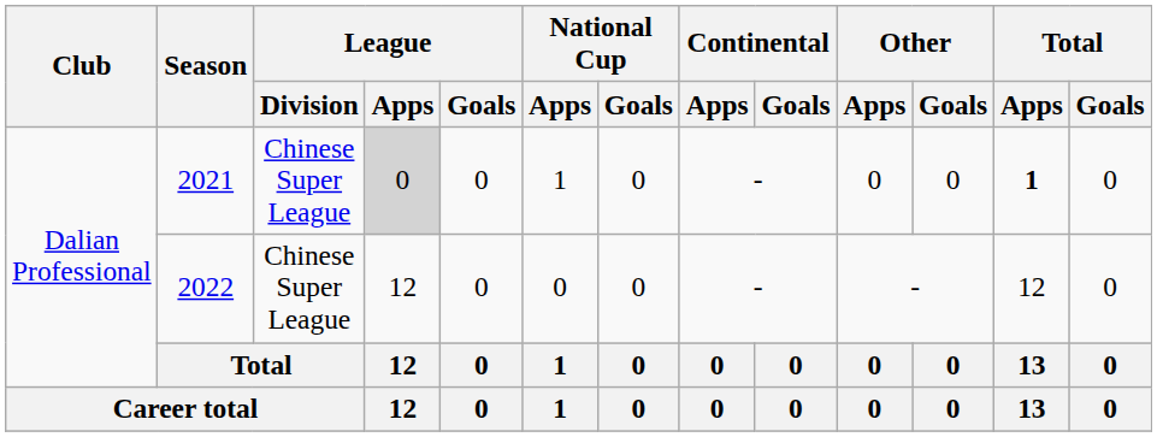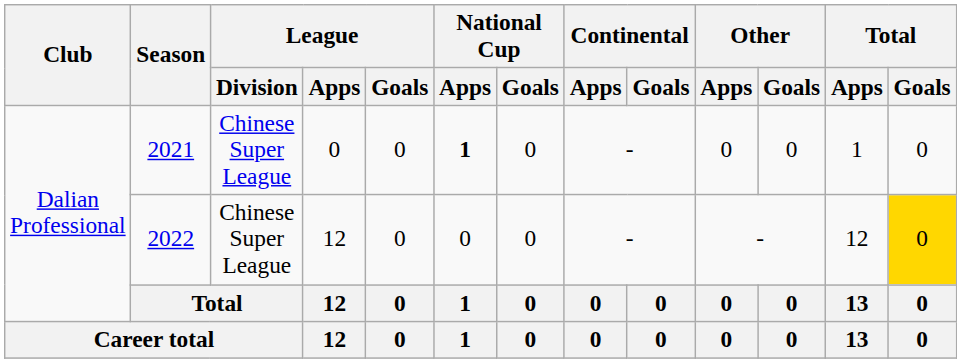 <table class="wikitable" style="text-align: center">
 <tr>
 <th rowspan="2">Club</th>
 <th rowspan="2">Season</th>
 <th colspan="3">League</th>
 <th colspan="2">National Cup</th>
 <th colspan="2">Continental</th>
 <th colspan="2">Other</th>
 <th colspan="2">Total</th>
 </tr>
 <tr>
 <th>Division</th>
 <th>Apps</th>
 <th>Goals</th>
 <th>Apps</th>
 <th>Goals</th>
 <th>Apps</th>
 <th>Goals</th>
 <th>Apps</th>
 <th>Goals</th>
 <th>Apps</th>
 <th>Goals</th>
 </tr>
 <tr>
 <td rowspan=3><a href='#'>Dalian Professional</a></td>
 <td><a href='#'>2021</a></td>
 <td><a href='#'>Chinese Super League</a></td>
-<td style="background: lightgrey;">0</td>
 <td>0</td>
-<td>1</td>
+<td>0</td>
+<td><strong>1</strong></td>
 <td>0</td>
 <td colspan="2">-</td>
 <td>0</td>
 <td>0</td>
-<td><strong>1</strong></td>
+<td>1</td>
 <td>0</td>
 </tr>
 <tr>
 <td><a href='#'>2022</a></td>
 <td>Chinese Super League</td>
 <td>12</td>
 <td>0</td>
 <td>0</td>
 <td>0</td>
 <td colspan="2">-</td>
 <td colspan="2">-</td>
 <td>12</td>
-<td>0</td>
+<td style="background: gold;">0</td>
 </tr>
 <tr>
 <th colspan="2">Total</th>
 <th>12</th>
 <th>0</th>
 <th>1</th>
 <th>0</th>
 <th>0</th>
 <th>0</th>
 <th>0</th>
 <th>0</th>
 <th>13</th>
 <th>0</th>
 </tr>
 <tr>
 <th colspan=3>Career total</th>
 <th>12</th>
 <th>0</th>
 <th>1</th>
 <th>0</th>
 <th>0</th>
 <th>0</th>
 <th>0</th>
 <th>0</th>
 <th>13</th>
 <th>0</th>
 </tr>
 </table>
